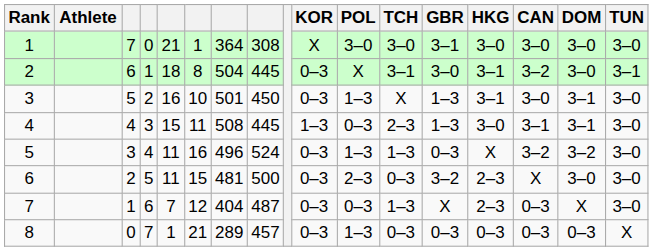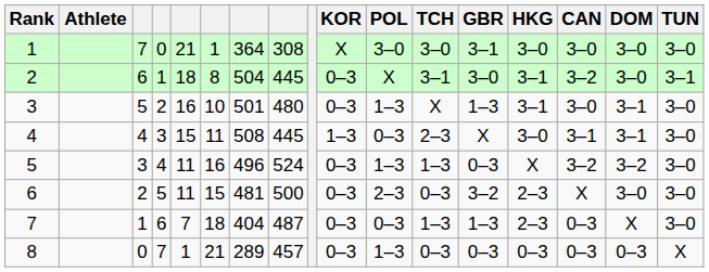 <table class="wikitable" style="text-align:center">
 <tr>
 <th>Rank</th>
 <th width=250>Athlete</th>
 <th width=30></th>
 <th width=30></th>
 <th width=30></th>
 <th width=30></th>
 <th width=30></th>
 <th width=30></th>
 <th rowspan=9></th>
 <th width=30>KOR</th>
 <th width=30>POL</th>
 <th width=30>TCH</th>
 <th width=30>GBR</th>
 <th width=30>HKG</th>
 <th width=30>CAN</th>
 <th width=30>DOM</th>
 <th width=30>TUN</th>
 </tr>
 <tr style="background-color:#ccffcc;">
 <td>1</td>
 <td align=left></td>
 <td>7</td>
 <td>0</td>
 <td>21</td>
 <td>1</td>
 <td>364</td>
 <td>308</td>
 <td>X</td>
 <td>3–0</td>
 <td>3–0</td>
 <td>3–1</td>
 <td>3–0</td>
 <td>3–0</td>
 <td>3–0</td>
 <td>3–0</td>
 </tr>
 <tr style="background-color:#ccffcc;">
 <td>2</td>
 <td align=left></td>
 <td>6</td>
 <td>1</td>
 <td>18</td>
 <td>8</td>
 <td>504</td>
 <td>445</td>
 <td>0–3</td>
 <td>X</td>
 <td>3–1</td>
 <td>3–0</td>
 <td>3–1</td>
 <td>3–2</td>
 <td>3–0</td>
 <td>3–1</td>
 </tr>
 <tr>
 <td>3</td>
 <td align=left></td>
 <td>5</td>
 <td>2</td>
 <td>16</td>
 <td>10</td>
 <td>501</td>
-<td>450</td>
+<td>480</td>
 <td>0–3</td>
 <td>1–3</td>
 <td>X</td>
 <td>1–3</td>
 <td>3–1</td>
 <td>3–0</td>
 <td>3–1</td>
 <td>3–0</td>
 </tr>
 <tr>
 <td>4</td>
 <td align=left></td>
 <td>4</td>
 <td>3</td>
 <td>15</td>
 <td>11</td>
 <td>508</td>
 <td>445</td>
 <td>1–3</td>
 <td>0–3</td>
 <td>2–3</td>
-<td>1–3</td>
+<td>X</td>
 <td>3–0</td>
 <td>3–1</td>
 <td>3–1</td>
 <td>3–0</td>
 </tr>
 <tr>
 <td>5</td>
 <td align=left></td>
 <td>3</td>
 <td>4</td>
 <td>11</td>
 <td>16</td>
 <td>496</td>
 <td>524</td>
 <td>0–3</td>
 <td>1–3</td>
 <td>1–3</td>
 <td>0–3</td>
 <td>X</td>
 <td>3–2</td>
 <td>3–2</td>
 <td>3–0</td>
 </tr>
 <tr>
 <td>6</td>
 <td align=left></td>
 <td>2</td>
 <td>5</td>
 <td>11</td>
 <td>15</td>
 <td>481</td>
 <td>500</td>
 <td>0–3</td>
 <td>2–3</td>
 <td>0–3</td>
 <td>3–2</td>
 <td>2–3</td>
 <td>X</td>
 <td>3–0</td>
 <td>3–0</td>
 </tr>
 <tr>
 <td>7</td>
 <td align=left></td>
 <td>1</td>
 <td>6</td>
 <td>7</td>
-<td>12</td>
+<td>18</td>
 <td>404</td>
 <td>487</td>
 <td>0–3</td>
 <td>0–3</td>
 <td>1–3</td>
-<td>X</td>
+<td>1–3</td>
 <td>2–3</td>
 <td>0–3</td>
 <td>X</td>
 <td>3–0</td>
 </tr>
 <tr>
 <td>8</td>
 <td align=left></td>
 <td>0</td>
 <td>7</td>
 <td>1</td>
 <td>21</td>
 <td>289</td>
 <td>457</td>
 <td>0–3</td>
 <td>1–3</td>
 <td>0–3</td>
 <td>0–3</td>
 <td>0–3</td>
 <td>0–3</td>
 <td>0–3</td>
 <td>X</td>
 </tr>
 </table>
